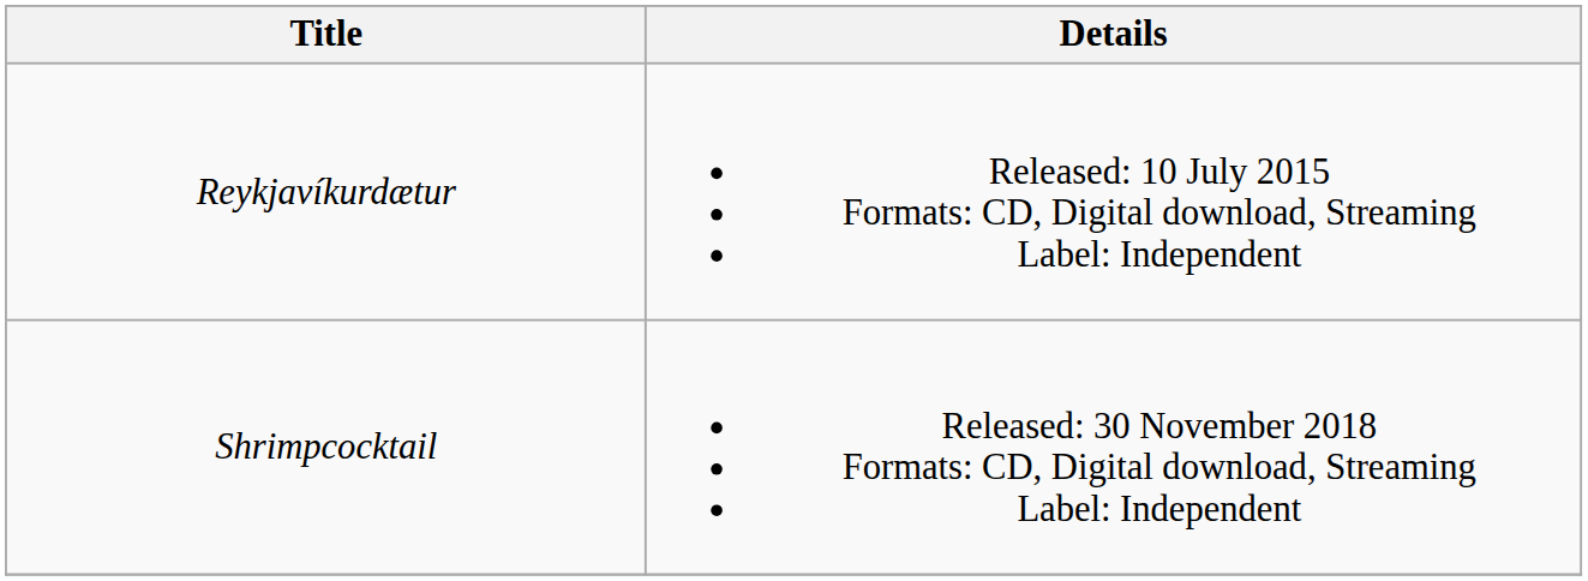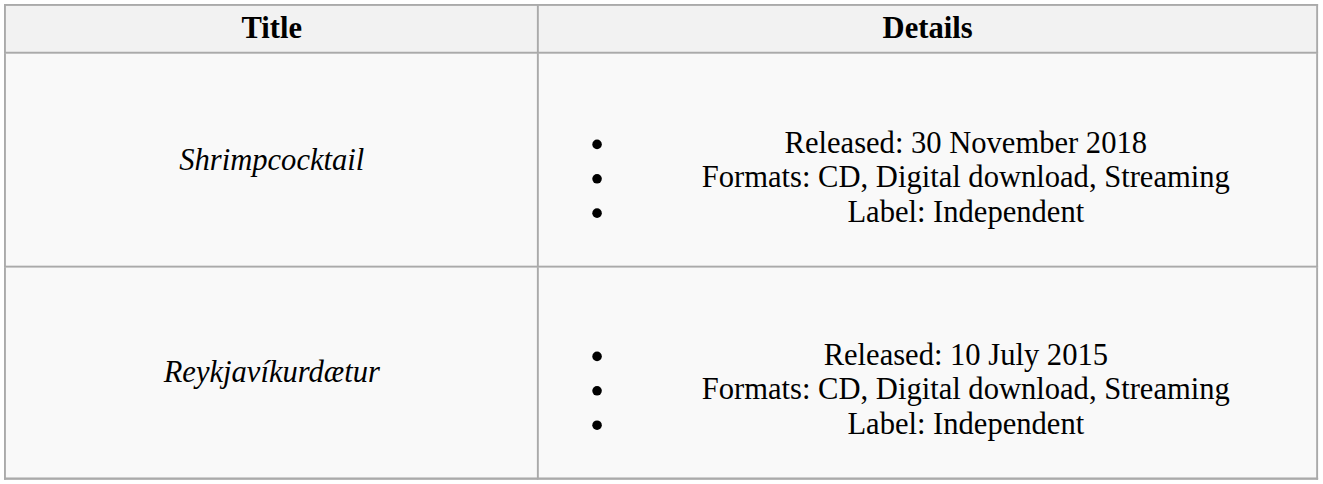 <table class="wikitable" style="text-align:center;">
 <tr>
 <th scope="col" style="width:17em;">Title</th>
 <th scope="col" style="width:25em;">Details</th>
 </tr>
 <tr>
+<td><em>Shrimpcocktail</em></td>
+<td><br><ul><li>Released: 30 November 2018</li><li>Formats: CD, Digital download, Streaming</li><li>Label: Independent</li></ul></td>
+</tr>
+<tr>
 <td><em>Reykjavíkurdætur</em></td>
 <td><br><ul><li>Released: 10 July 2015</li><li>Formats: CD, Digital download, Streaming</li><li>Label: Independent</li></ul></td>
 </tr>
 <tr>
-<td><em>Shrimpcocktail</em></td>
-<td><br><ul><li>Released: 30 November 2018</li><li>Formats: CD, Digital download, Streaming</li><li>Label: Independent</li></ul></td>
-</tr>
-<tr>
 </tr>
 </table>
